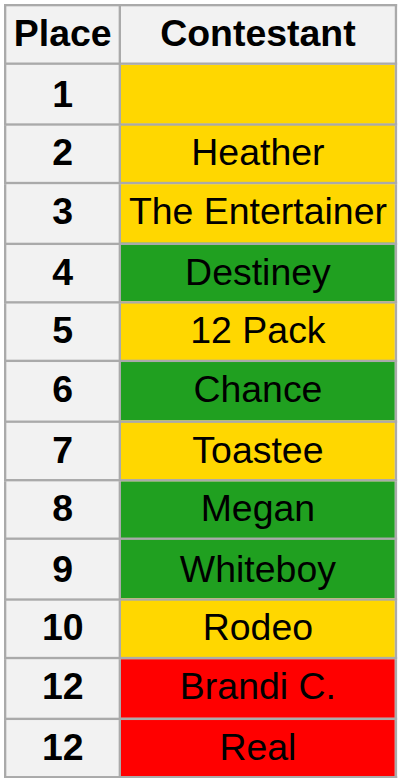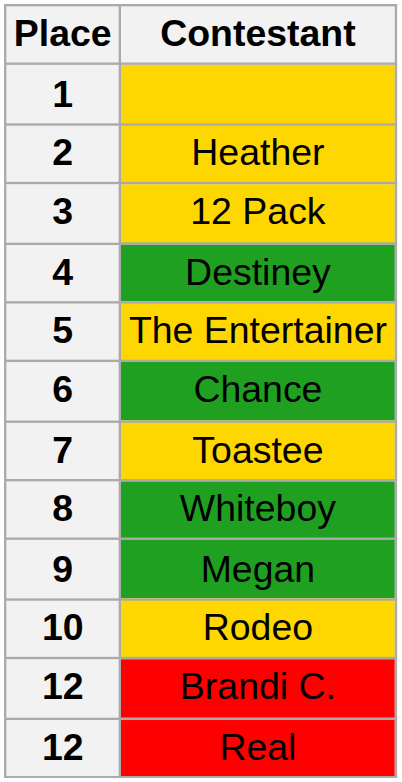 <table class="wikitable" style="text-align:center">
 <tr>
 <th>Place</th>
 <th>Contestant</th>
 </tr>
 <tr>
 <th>1</th>
 <td bgcolor="gold"></td>
 </tr>
 <tr>
 <th>2</th>
 <td bgcolor="gold">Heather</td>
 </tr>
 <tr>
 <th>3</th>
-<td bgcolor="gold">The Entertainer</td>
+<td bgcolor="gold">12 Pack</td>
 </tr>
 <tr>
 <th>4</th>
 <td bgcolor="#20A020">Destiney</td>
 </tr>
 <tr>
 <th>5</th>
-<td bgcolor="gold">12 Pack</td>
+<td bgcolor="gold">The Entertainer</td>
 </tr>
 <tr>
 <th>6</th>
 <td bgcolor="#20A020">Chance</td>
 </tr>
 <tr>
 <th>7</th>
 <td bgcolor="gold">Toastee</td>
 </tr>
 <tr>
 <th>8</th>
-<td bgcolor="#20A020">Megan</td>
+<td bgcolor="#20A020">Whiteboy</td>
 </tr>
 <tr>
 <th>9</th>
-<td bgcolor="#20A020">Whiteboy</td>
+<td bgcolor="#20A020">Megan</td>
 </tr>
 <tr>
 <th>10</th>
 <td bgcolor="gold">Rodeo</td>
 </tr>
 <tr>
 <th>12</th>
 <td bgcolor="red">Brandi C.</td>
 </tr>
 <tr>
 <th>12</th>
 <td bgcolor="red">Real</td>
 </tr>
 <tr>
 </tr>
 </table>
